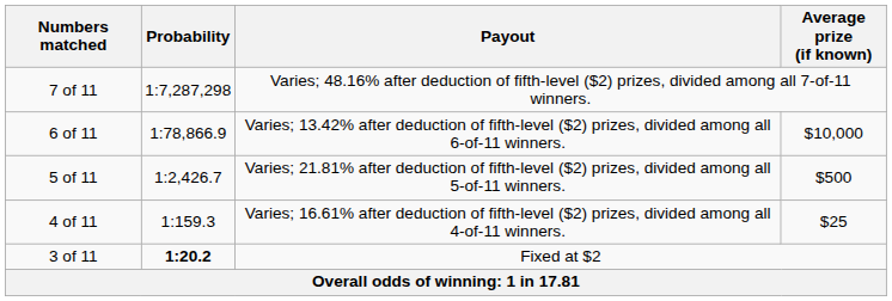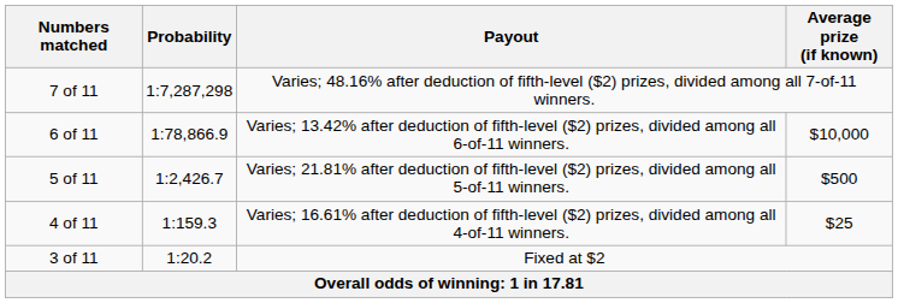 <table class="wikitable">
 <tr>
 <th>Numbers matched</th>
 <th>Probability</th>
 <th>Payout</th>
 <th>Average prize<br>(if known)</th>
 </tr>
 <tr align="center">
 <td>7 of 11</td>
 <td>1:7,287,298</td>
 <td colspan="2">Varies; 48.16% after deduction of fifth-level ($2) prizes, divided among all 7-of-11 winners.</td>
 </tr>
 <tr align="center">
 <td>6 of 11</td>
 <td>1:78,866.9</td>
 <td>Varies; 13.42% after deduction of fifth-level ($2) prizes, divided among all 6-of-11 winners.</td>
 <td>$10,000</td>
 </tr>
 <tr align="center">
 <td>5 of 11</td>
 <td>1:2,426.7</td>
 <td>Varies; 21.81% after deduction of fifth-level ($2) prizes, divided among all 5-of-11 winners.</td>
 <td>$500</td>
 </tr>
 <tr align="center">
 <td>4 of 11</td>
 <td>1:159.3</td>
 <td>Varies; 16.61% after deduction of fifth-level ($2) prizes, divided among all 4-of-11 winners.</td>
 <td>$25</td>
 </tr>
 <tr align="center">
 <td>3 of 11</td>
-<td><strong>1:20.2</strong></td>
+<td>1:20.2</td>
 <td colspan="2">Fixed at $2</td>
 </tr>
 <tr>
 <th colspan="4">Overall odds of winning: 1 in 17.81</th>
 </tr>
 </table>
